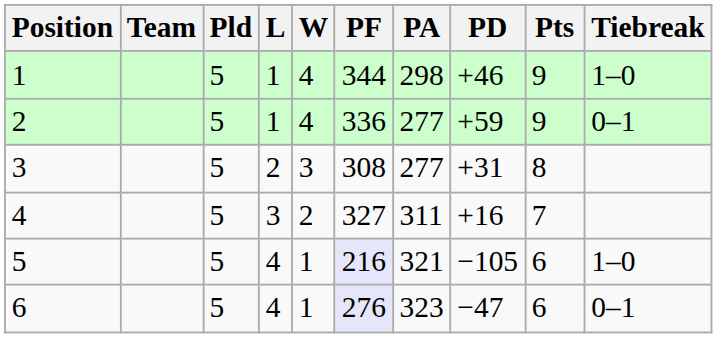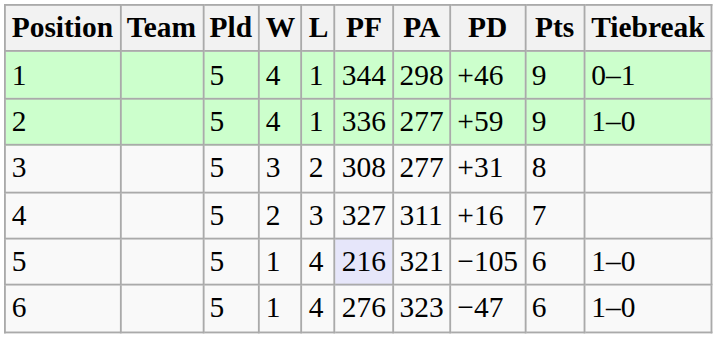 <table class="wikitable">
 <tr>
 <th>Position</th>
 <th>Team</th>
 <th>Pld</th>
+<th>W</th>
 <th>L</th>
-<th>W</th>
 <th>PF</th>
 <th>PA</th>
 <th>PD</th>
 <th width=25>Pts</th>
 <th>Tiebreak</th>
 </tr>
 <tr bgcolor=ccffcc>
 <td>1</td>
 <td></td>
 <td>5</td>
+<td>4</td>
 <td>1</td>
-<td>4</td>
 <td>344</td>
 <td>298</td>
 <td>+46</td>
 <td>9</td>
-<td>1–0</td>
+<td>0–1</td>
 </tr>
 <tr bgcolor=ccffcc>
 <td>2</td>
 <td></td>
 <td>5</td>
+<td>4</td>
 <td>1</td>
-<td>4</td>
 <td>336</td>
 <td>277</td>
 <td>+59</td>
 <td>9</td>
-<td>0–1</td>
+<td>1–0</td>
 </tr>
 <tr>
 <td>3</td>
 <td></td>
 <td>5</td>
+<td>3</td>
 <td>2</td>
-<td>3</td>
 <td>308</td>
 <td>277</td>
 <td>+31</td>
 <td>8</td>
 <td></td>
 </tr>
 <tr>
 <td>4</td>
 <td></td>
 <td>5</td>
+<td>2</td>
 <td>3</td>
-<td>2</td>
 <td>327</td>
 <td>311</td>
 <td>+16</td>
 <td>7</td>
 <td></td>
 </tr>
 <tr>
 <td>5</td>
 <td></td>
 <td>5</td>
+<td>1</td>
 <td>4</td>
-<td>1</td>
 <td style="background: lavender;">216</td>
 <td>321</td>
 <td>−105</td>
 <td>6</td>
 <td>1–0</td>
 </tr>
 <tr>
 <td>6</td>
 <td></td>
 <td>5</td>
+<td>1</td>
 <td>4</td>
-<td>1</td>
-<td style="background: lavender;">276</td>
+<td>276</td>
 <td>323</td>
 <td>−47</td>
 <td>6</td>
-<td>0–1</td>
+<td>1–0</td>
 </tr>
 </table>
